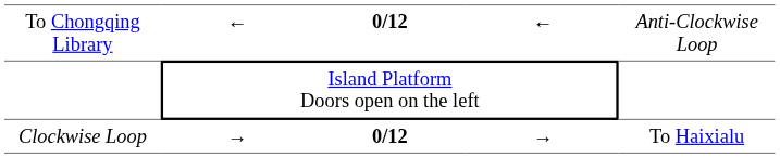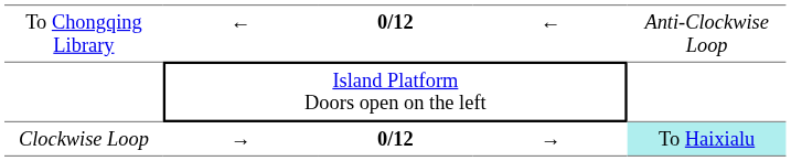 <table table border=0 cellspacing=0 cellpadding=4>
 <tr>
 <td style="border-top:solid 1px gray;" width=120 valign=top align=center>To  <a href='#'>Chongqing Library</a></td>
 <td style="border-top:solid 1px gray;" width=120 valign=top align=center>←</td>
 <th style="border-top:solid 1px gray;" width=120 valign=top align=center><span>0/12</span></th>
 <td style="border-top:solid 1px gray;" width=120 valign=top align=center>←</td>
 <td style="border-top:solid 1px gray;" width=120 valign=top align=center><em>Anti-Clockwise Loop</em></td>
 </tr>
 <tr>
 <td style="border-top:solid 1px gray;border-bottom:solid 1px gray;" width=120 valign=top align=center></td>
 <td style="border-top:solid 2px black;border-right:solid 2px black;border-left:solid 2px black;border-bottom:solid 2px black;" colspan=3 align=center><a href='#'>Island Platform</a><br>Doors open on the left</td>
 <td style="border-top:solid 1px gray;border-bottom:solid 1px gray;" width=120 valign=top align=center></td>
 <td></td>
 </tr>
 <tr>
 <td style="border-bottom:solid 1px gray;" valign=top align=center><em>Clockwise Loop</em></td>
 <td style="border-bottom:solid 1px gray;" width=120 valign=top align=center>→</td>
 <th style="border-bottom:solid 1px gray;" colspan=1 valign=top align=center><span>0/12</span></th>
 <td style="border-bottom:solid 1px gray;" width=120 valign=top align=center>→</td>
-<td style="border-bottom:solid 1px gray;"  valign=top align=center>To  <a href='#'>Haixialu</a></td>
+<td style="background: paleturquoise; border-bottom:solid 1px gray;"  valign=top align=center>To  <a href='#'>Haixialu</a></td>
 </tr>
 </table>
